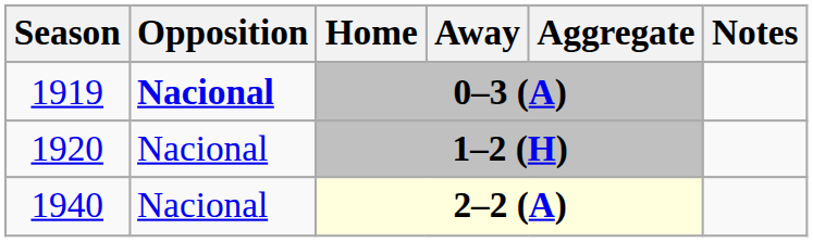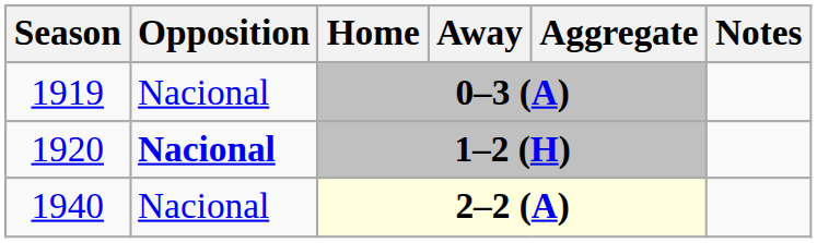 <table class="wikitable sortable">
 <tr>
 <th>Season</th>
 <th>Opposition</th>
 <th>Home</th>
 <th>Away</th>
 <th>Aggregate</th>
 <th>Notes</th>
 </tr>
 <tr>
 <td align=center><a href='#'>1919</a></td>
-<td><strong> <a href='#'>Nacional</a></strong></td>
+<td> <a href='#'>Nacional</a></td>
 <td bgcolor=silver colspan="3" style="text-align:center;"><strong>0–3 (<a href='#'>A</a>)</strong></td>
 <td></td>
 </tr>
 <tr>
 <td align=center><a href='#'>1920</a></td>
-<td> <a href='#'>Nacional</a></td>
+<td><strong> <a href='#'>Nacional</a></strong></td>
 <td bgcolor=silver colspan="3" style="text-align:center;"><strong>1–2 (<a href='#'>H</a>)</strong></td>
 <td></td>
 </tr>
 <tr>
 <td align=center><a href='#'>1940</a></td>
 <td> <a href='#'>Nacional</a></td>
 <td colspan="3" style="text-align:center; background:#ffd;"><strong>2–2 (<a href='#'>A</a>)</strong></td>
 <td align=center></td>
 </tr>
 </table>
